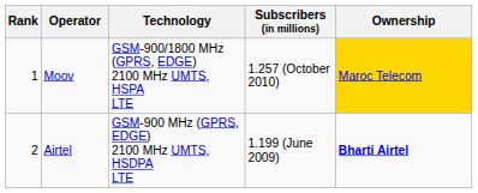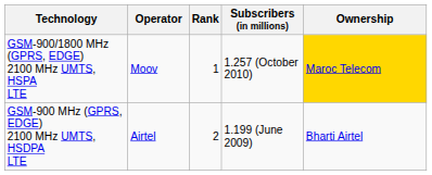 <table class="wikitable">
 <tr>
+<th style="width:30%;">Technology</th>
+<th style="width:15%;">Operator</th>
 <th style="width:3%;">Rank</th>
-<th style="width:15%;">Operator</th>
-<th style="width:30%;">Technology</th>
 <th style="width:20%;">Subscribers<br><small>(in millions)</small></th>
 <th style="width:32%;">Ownership</th>
 </tr>
 <tr>
+<td><a href='#'>GSM</a>-900/1800 MHz (<a href='#'>GPRS</a>, <a href='#'>EDGE</a>)<br>2100 MHz <a href='#'>UMTS</a>, <a href='#'>HSPA</a><br><a href='#'>LTE</a></td>
+<td><a href='#'>Moov</a></td>
 <td align=right>1</td>
-<td><a href='#'>Moov</a></td>
-<td><a href='#'>GSM</a>-900/1800 MHz (<a href='#'>GPRS</a>, <a href='#'>EDGE</a>)<br>2100 MHz <a href='#'>UMTS</a>, <a href='#'>HSPA</a><br><a href='#'>LTE</a></td>
 <td>1.257 (October 2010)</td>
 <td style="background: gold;"><a href='#'>Maroc Telecom</a></td>
 </tr>
 <tr>
+<td><a href='#'>GSM</a>-900 MHz (<a href='#'>GPRS</a>, <a href='#'>EDGE</a>)<br>2100 MHz <a href='#'>UMTS</a>, <a href='#'>HSDPA</a><br><a href='#'>LTE</a></td>
+<td><a href='#'>Airtel</a></td>
 <td align=right>2</td>
-<td><a href='#'>Airtel</a></td>
-<td><a href='#'>GSM</a>-900 MHz (<a href='#'>GPRS</a>, <a href='#'>EDGE</a>)<br>2100 MHz <a href='#'>UMTS</a>, <a href='#'>HSDPA</a><br><a href='#'>LTE</a></td>
 <td>1.199 (June 2009)</td>
-<td><strong><a href='#'>Bharti Airtel</a></strong></td>
+<td><a href='#'>Bharti Airtel</a></td>
 </tr>
 </table>
